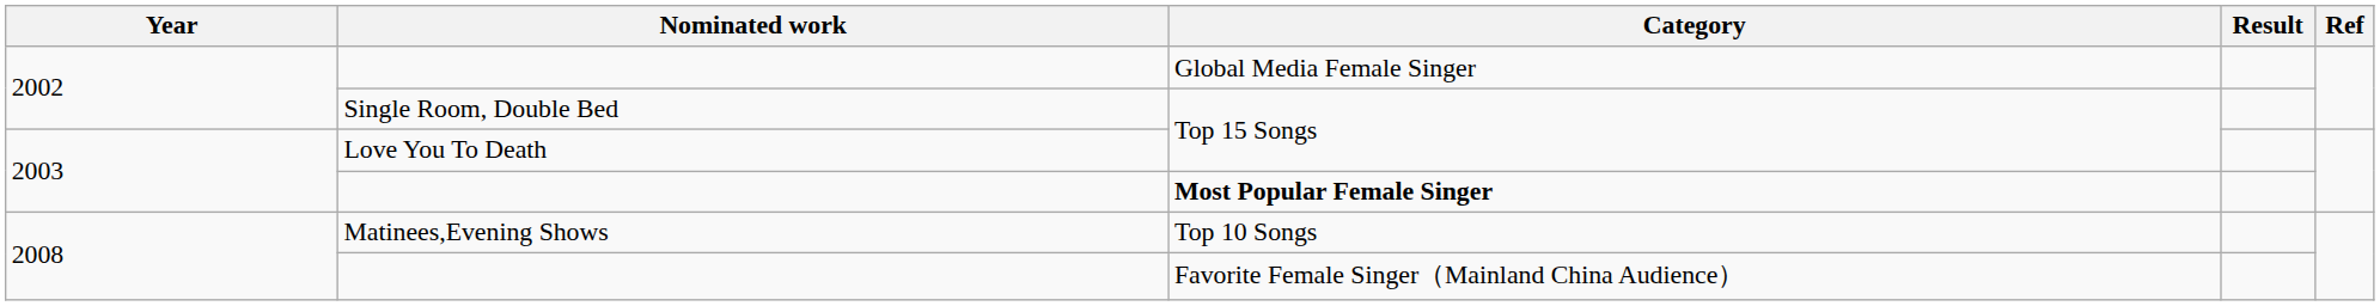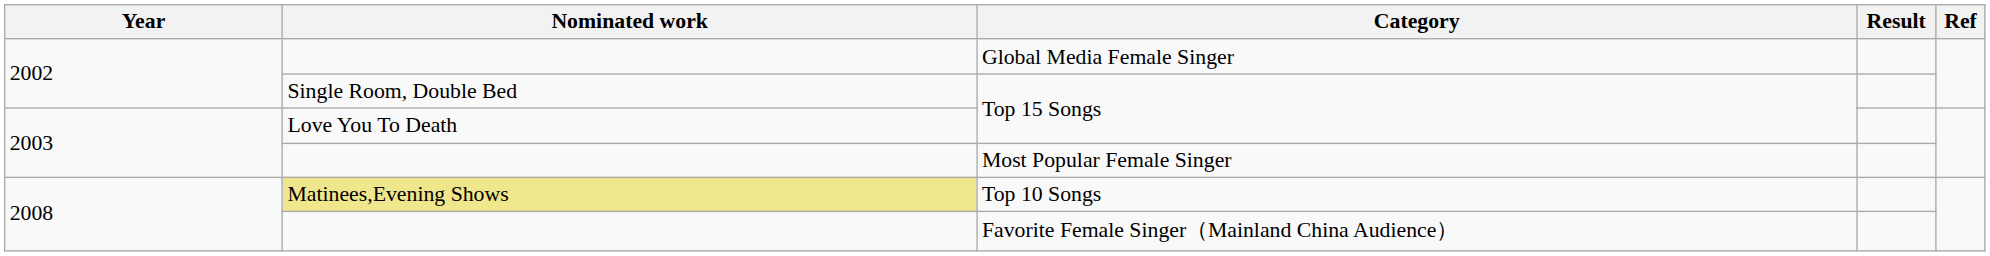 <table class="wikitable"  width="92%">
 <tr>
 <th width="12%">Year</th>
 <th width="30%">Nominated work</th>
 <th width="38%">Category</th>
 <th width="3%">Result</th>
 <th width="2%">Ref</th>
 </tr>
 <tr>
 <td rowspan=2>2002</td>
 <td></td>
 <td>Global Media Female Singer</td>
 <td></td>
 <td rowspan=2></td>
 </tr>
 <tr>
 <td>Single Room, Double Bed</td>
 <td rowspan=2>Top 15 Songs</td>
 <td></td>
 </tr>
 <tr>
 <td rowspan=2>2003</td>
 <td>Love You To Death</td>
 <td></td>
 <td rowspan=2></td>
 </tr>
 <tr>
 <td></td>
-<td><strong>Most Popular Female Singer</strong></td>
+<td>Most Popular Female Singer</td>
 <td></td>
 </tr>
 <tr>
 <td rowspan=2>2008</td>
-<td>Matinees,Evening Shows</td>
+<td style="background: khaki;">Matinees,Evening Shows</td>
 <td>Top 10 Songs</td>
 <td></td>
 <td rowspan=2></td>
 </tr>
 <tr>
 <td></td>
 <td>Favorite Female Singer（Mainland China Audience）</td>
 <td></td>
 </tr>
 </table>
